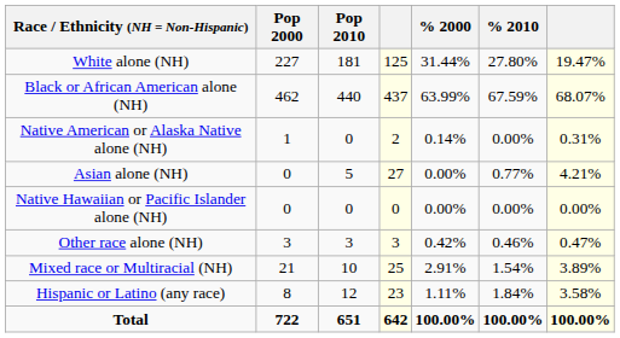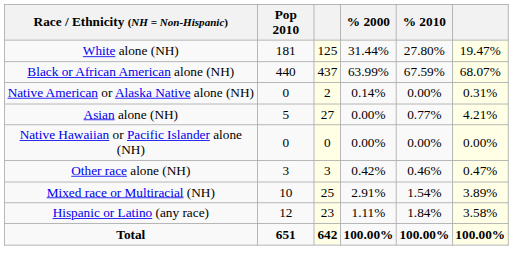 <table class="wikitable" style="text-align:center;">
 <tr>
 <th>Race / Ethnicity <small>(<em>NH = Non-Hispanic</em>)</small></th>
-<th>Pop 2000</th>
 <th>Pop 2010</th>
 <th></th>
 <th>% 2000</th>
 <th>% 2010</th>
 <th></th>
 </tr>
 <tr>
 <td><a href='#'>White</a> alone (NH)</td>
-<td>227</td>
 <td>181</td>
 <td style='background: #ffffe6;'>125</td>
 <td>31.44%</td>
 <td>27.80%</td>
 <td style='background: #ffffe6;'>19.47%</td>
 </tr>
 <tr>
 <td><a href='#'>Black or African American</a> alone (NH)</td>
-<td>462</td>
 <td>440</td>
 <td style='background: #ffffe6;'>437</td>
 <td>63.99%</td>
 <td>67.59%</td>
 <td style='background: #ffffe6;'>68.07%</td>
 </tr>
 <tr>
 <td><a href='#'>Native American</a> or <a href='#'>Alaska Native</a> alone (NH)</td>
-<td>1</td>
 <td>0</td>
 <td style='background: #ffffe6;'>2</td>
 <td>0.14%</td>
 <td>0.00%</td>
 <td style='background: #ffffe6;'>0.31%</td>
 </tr>
 <tr>
 <td><a href='#'>Asian</a> alone (NH)</td>
-<td>0</td>
 <td>5</td>
 <td style='background: #ffffe6;'>27</td>
 <td>0.00%</td>
 <td>0.77%</td>
 <td style='background: #ffffe6;'>4.21%</td>
 </tr>
 <tr>
 <td><a href='#'>Native Hawaiian</a> or <a href='#'>Pacific Islander</a>  alone (NH)</td>
 <td>0</td>
-<td>0</td>
 <td style='background: #ffffe6;'>0</td>
 <td>0.00%</td>
 <td>0.00%</td>
 <td style='background: #ffffe6;'>0.00%</td>
 </tr>
 <tr>
 <td><a href='#'>Other race</a> alone (NH)</td>
 <td>3</td>
-<td>3</td>
 <td style='background: #ffffe6;'>3</td>
 <td>0.42%</td>
 <td>0.46%</td>
 <td style='background: #ffffe6;'>0.47%</td>
 </tr>
 <tr>
 <td><a href='#'>Mixed race or Multiracial</a> (NH)</td>
-<td>21</td>
 <td>10</td>
 <td style='background: #ffffe6;'>25</td>
 <td>2.91%</td>
 <td>1.54%</td>
 <td style='background: #ffffe6;'>3.89%</td>
 </tr>
 <tr>
 <td><a href='#'>Hispanic or Latino</a> (any race)</td>
-<td>8</td>
 <td>12</td>
 <td style='background: #ffffe6;'>23</td>
 <td>1.11%</td>
 <td>1.84%</td>
 <td style='background: #ffffe6;'>3.58%</td>
 </tr>
 <tr>
 <td><strong>Total</strong></td>
-<td><strong>722</strong></td>
 <td><strong>651</strong></td>
 <td style='background: #ffffe6;'><strong>642</strong></td>
 <td><strong>100.00%</strong></td>
 <td><strong>100.00%</strong></td>
 <td style='background: #ffffe6;'><strong>100.00%</strong></td>
 </tr>
 </table>
